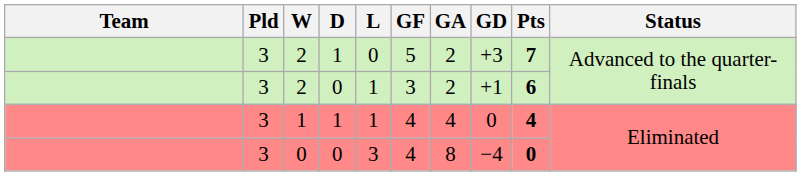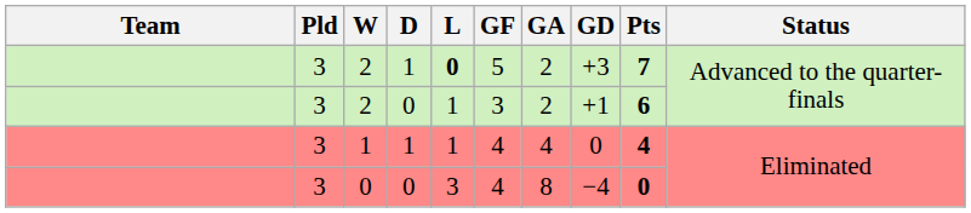 <table class="wikitable" style="text-align: center;">
 <tr>
 <th width="175">Team</th>
 <th width="20">Pld</th>
 <th width="20">W</th>
 <th width="20">D</th>
 <th width="20">L</th>
 <th width="20">GF</th>
 <th width="20">GA</th>
 <th width="20">GD</th>
 <th width="20">Pts</th>
 <th width="181">Status</th>
 </tr>
 <tr bgcolor=#D0F0C0>
 <td align=left></td>
 <td>3</td>
 <td>2</td>
 <td>1</td>
-<td>0</td>
+<td><strong>0</strong></td>
 <td>5</td>
 <td>2</td>
 <td>+3</td>
 <td><strong>7</strong></td>
 <td rowspan=2>Advanced to the quarter-finals</td>
 </tr>
 <tr bgcolor=#D0F0C0>
 <td align=left></td>
 <td>3</td>
 <td>2</td>
 <td>0</td>
 <td>1</td>
 <td>3</td>
 <td>2</td>
 <td>+1</td>
 <td><strong>6</strong></td>
 </tr>
 <tr bgcolor=#FF8888>
 <td align=left></td>
 <td>3</td>
 <td>1</td>
 <td>1</td>
 <td>1</td>
 <td>4</td>
 <td>4</td>
 <td>0</td>
 <td><strong>4</strong></td>
 <td rowspan=2>Eliminated</td>
 </tr>
 <tr bgcolor=#FF8888>
 <td align=left></td>
 <td>3</td>
 <td>0</td>
 <td>0</td>
 <td>3</td>
 <td>4</td>
 <td>8</td>
 <td>−4</td>
 <td><strong>0</strong></td>
 </tr>
 </table>
